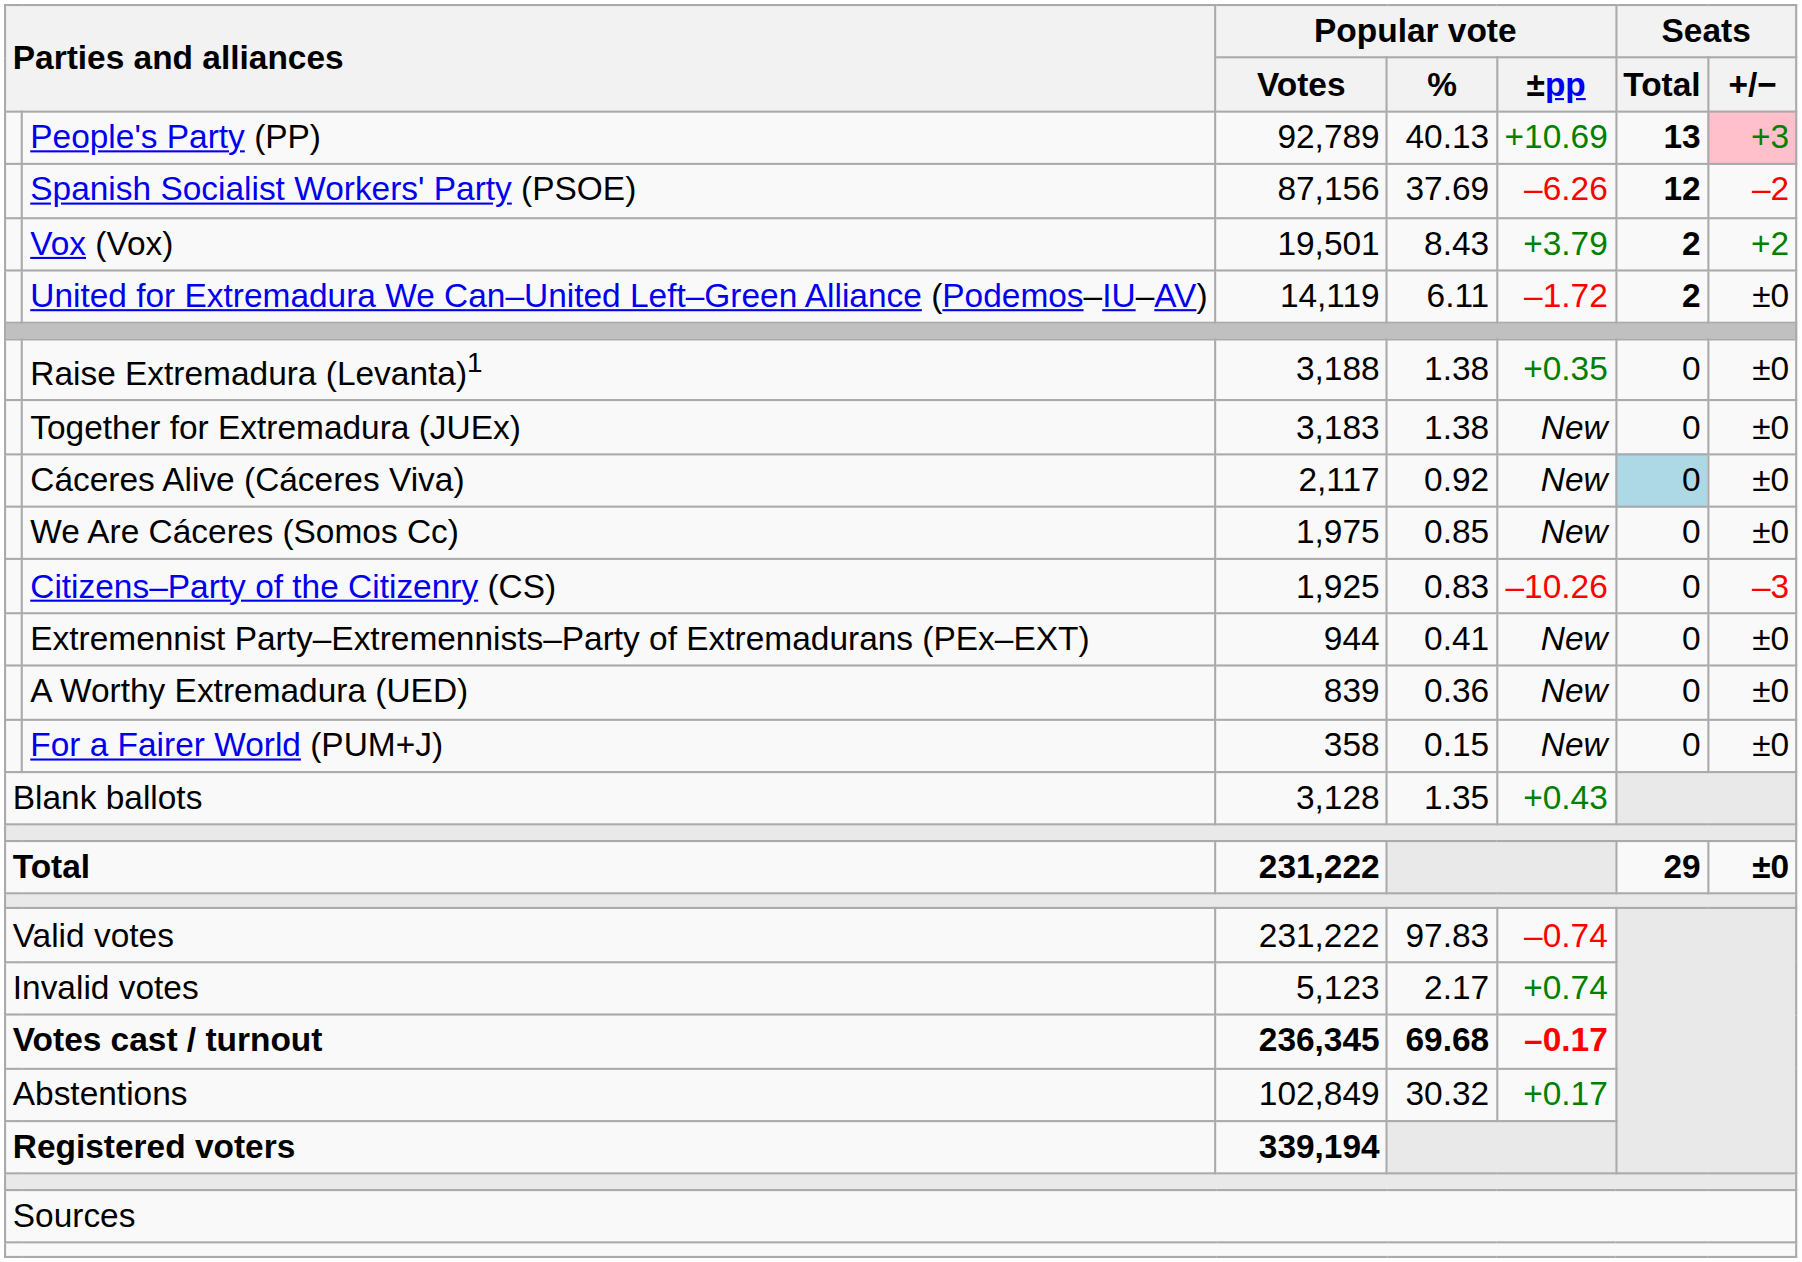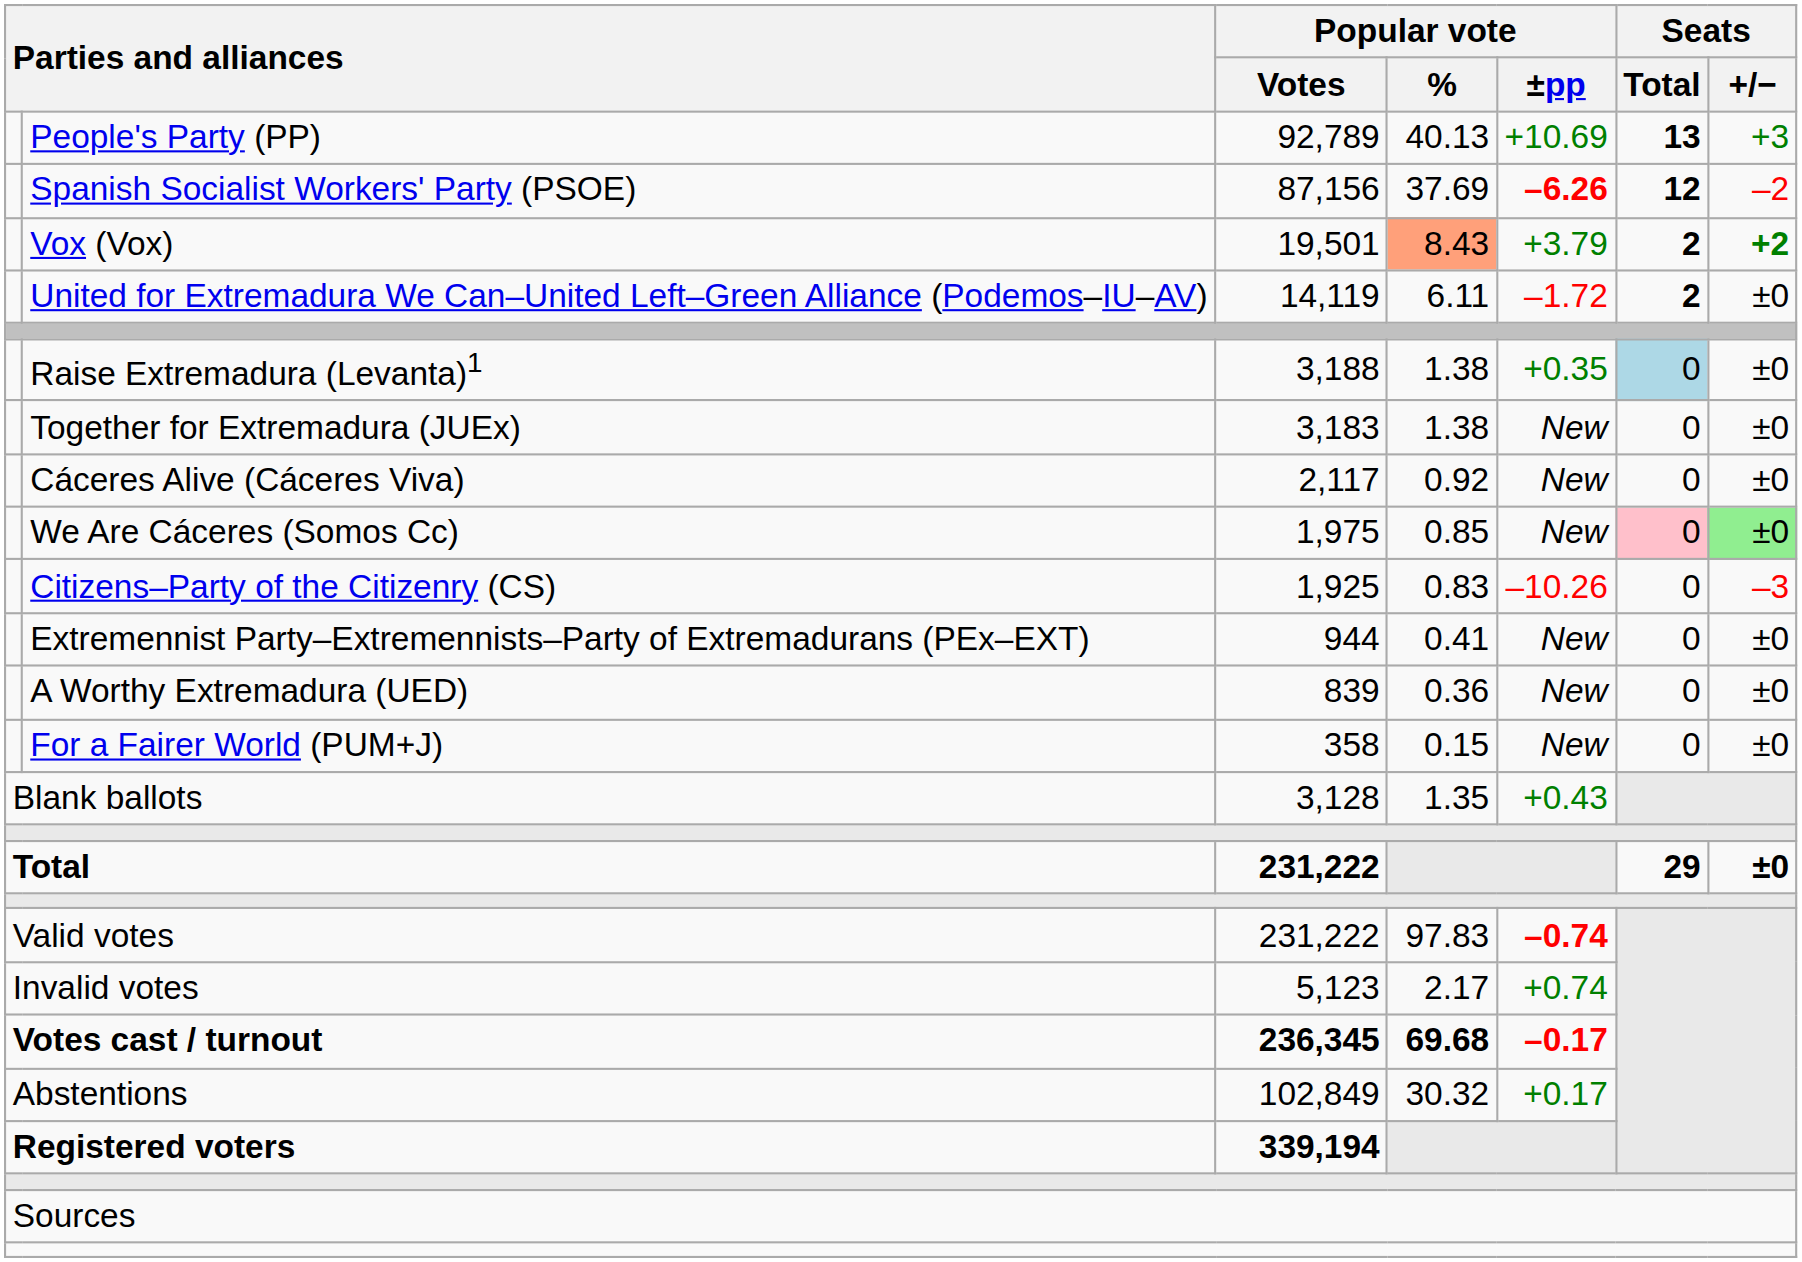 <table class="wikitable" style="text-align:right;">
 <tr>
 <th style="text-align:left;" rowspan="2" colspan="2" width="525">Parties and alliances</th>
 <th colspan="3">Popular vote</th>
 <th colspan="2">Seats</th>
 </tr>
 <tr>
 <th width="75">Votes</th>
 <th width="45">%</th>
 <th width="45">±<a href='#'>pp</a></th>
 <th width="35">Total</th>
 <th width="35">+/−</th>
 </tr>
 <tr>
 <td width="1" style="color:inherit;background:"></td>
 <td align="left"><a href='#'>People's Party</a> (PP)</td>
 <td>92,789</td>
 <td>40.13</td>
 <td style="color:green;">+10.69</td>
 <td><strong>13</strong></td>
-<td style="background: pink; color:green;">+3</td>
+<td style="color:green;">+3</td>
 </tr>
 <tr>
 <td style="color:inherit;background:"></td>
 <td align="left"><a href='#'>Spanish Socialist Workers' Party</a> (PSOE)</td>
 <td>87,156</td>
 <td>37.69</td>
-<td style="color:red;">–6.26</td>
+<td style="color:red;"><strong>–6.26</strong></td>
 <td><strong>12</strong></td>
 <td style="color:red;">–2</td>
 </tr>
 <tr>
 <td style="color:inherit;background:"></td>
 <td align="left"><a href='#'>Vox</a> (Vox)</td>
 <td>19,501</td>
-<td>8.43</td>
+<td style="background: lightsalmon;">8.43</td>
 <td style="color:green;">+3.79</td>
 <td><strong>2</strong></td>
-<td style="color:green;">+2</td>
+<td style="color:green;"><strong>+2</strong></td>
 </tr>
 <tr>
 <td style="color:inherit;background:"></td>
 <td align="left"><a href='#'>United for Extremadura We Can–United Left–Green Alliance</a> (<a href='#'>Podemos</a>–<a href='#'>IU</a>–<a href='#'>AV</a>)</td>
 <td>14,119</td>
 <td>6.11</td>
 <td style="color:red;">–1.72</td>
 <td><strong>2</strong></td>
 <td>±0</td>
 </tr>
 <tr>
 <td colspan="7" bgcolor="#C0C0C0"></td>
 </tr>
 <tr>
 <td style="color:inherit;background:"></td>
 <td align="left">Raise Extremadura (Levanta)<sup>1</sup></td>
 <td>3,188</td>
 <td>1.38</td>
 <td style="color:green;">+0.35</td>
-<td>0</td>
+<td style="background: lightblue;">0</td>
 <td>±0</td>
 </tr>
 <tr>
 <td style="color:inherit;background:"></td>
 <td align="left">Together for Extremadura (JUEx)</td>
 <td>3,183</td>
 <td>1.38</td>
 <td><em>New</em></td>
 <td>0</td>
 <td>±0</td>
 </tr>
 <tr>
 <td style="color:inherit;background:"></td>
 <td align="left">Cáceres Alive (Cáceres Viva)</td>
 <td>2,117</td>
 <td>0.92</td>
 <td><em>New</em></td>
-<td style="background: lightblue;">0</td>
+<td>0</td>
 <td>±0</td>
 </tr>
 <tr>
 <td style="color:inherit;background:"></td>
 <td align="left">We Are Cáceres (Somos Cc)</td>
 <td>1,975</td>
 <td>0.85</td>
 <td><em>New</em></td>
-<td>0</td>
-<td>±0</td>
+<td style="background: pink;">0</td>
+<td style="background: lightgreen;">±0</td>
 </tr>
 <tr>
 <td style="color:inherit;background:"></td>
 <td align="left"><a href='#'>Citizens–Party of the Citizenry</a> (CS)</td>
 <td>1,925</td>
 <td>0.83</td>
 <td style="color:red;">–10.26</td>
 <td>0</td>
 <td style="color:red;">–3</td>
 </tr>
 <tr>
 <td style="color:inherit;background:"></td>
 <td align="left">Extremennist Party–Extremennists–Party of Extremadurans (PEx–EXT)</td>
 <td>944</td>
 <td>0.41</td>
 <td><em>New</em></td>
 <td>0</td>
 <td>±0</td>
 </tr>
 <tr>
 <td style="color:inherit;background:"></td>
 <td align="left">A Worthy Extremadura (UED)</td>
 <td>839</td>
 <td>0.36</td>
 <td><em>New</em></td>
 <td>0</td>
 <td>±0</td>
 </tr>
 <tr>
 <td style="color:inherit;background:"></td>
 <td align="left"><a href='#'>For a Fairer World</a> (PUM+J)</td>
 <td>358</td>
 <td>0.15</td>
 <td><em>New</em></td>
 <td>0</td>
 <td>±0</td>
 </tr>
 <tr>
 <td align="left" colspan="2">Blank ballots</td>
 <td>3,128</td>
 <td>1.35</td>
 <td style="color:green;">+0.43</td>
 <td bgcolor="#E9E9E9" colspan="2"></td>
 </tr>
 <tr>
 <td colspan="7" bgcolor="#E9E9E9"></td>
 </tr>
 <tr style="font-weight:bold;">
 <td align="left" colspan="2">Total</td>
 <td>231,222</td>
 <td bgcolor="#E9E9E9" colspan="2"></td>
 <td>29</td>
 <td>±0</td>
 </tr>
 <tr>
 <td colspan="7" bgcolor="#E9E9E9"></td>
 </tr>
 <tr>
 <td align="left" colspan="2">Valid votes</td>
 <td>231,222</td>
 <td>97.83</td>
-<td style="color:red;">–0.74</td>
+<td style="color:red;"><strong>–0.74</strong></td>
 <td bgcolor="#E9E9E9" colspan="2" rowspan="5"></td>
 </tr>
 <tr>
 <td align="left" colspan="2">Invalid votes</td>
 <td>5,123</td>
 <td>2.17</td>
 <td style="color:green;">+0.74</td>
 </tr>
 <tr style="font-weight:bold;">
 <td align="left" colspan="2">Votes cast / turnout</td>
 <td>236,345</td>
 <td>69.68</td>
 <td style="color:red;">–0.17</td>
 </tr>
 <tr>
 <td align="left" colspan="2">Abstentions</td>
 <td>102,849</td>
 <td>30.32</td>
 <td style="color:green;">+0.17</td>
 </tr>
 <tr style="font-weight:bold;">
 <td align="left" colspan="2">Registered voters</td>
 <td>339,194</td>
 <td bgcolor="#E9E9E9" colspan="2"></td>
 </tr>
 <tr>
 <td colspan="7" bgcolor="#E9E9E9"></td>
 </tr>
 <tr>
 <td align="left" colspan="7">Sources</td>
 </tr>
 <tr>
 <td colspan="7" style="text-align:left; max-width:790px;"></td>
 </tr>
 </table>
